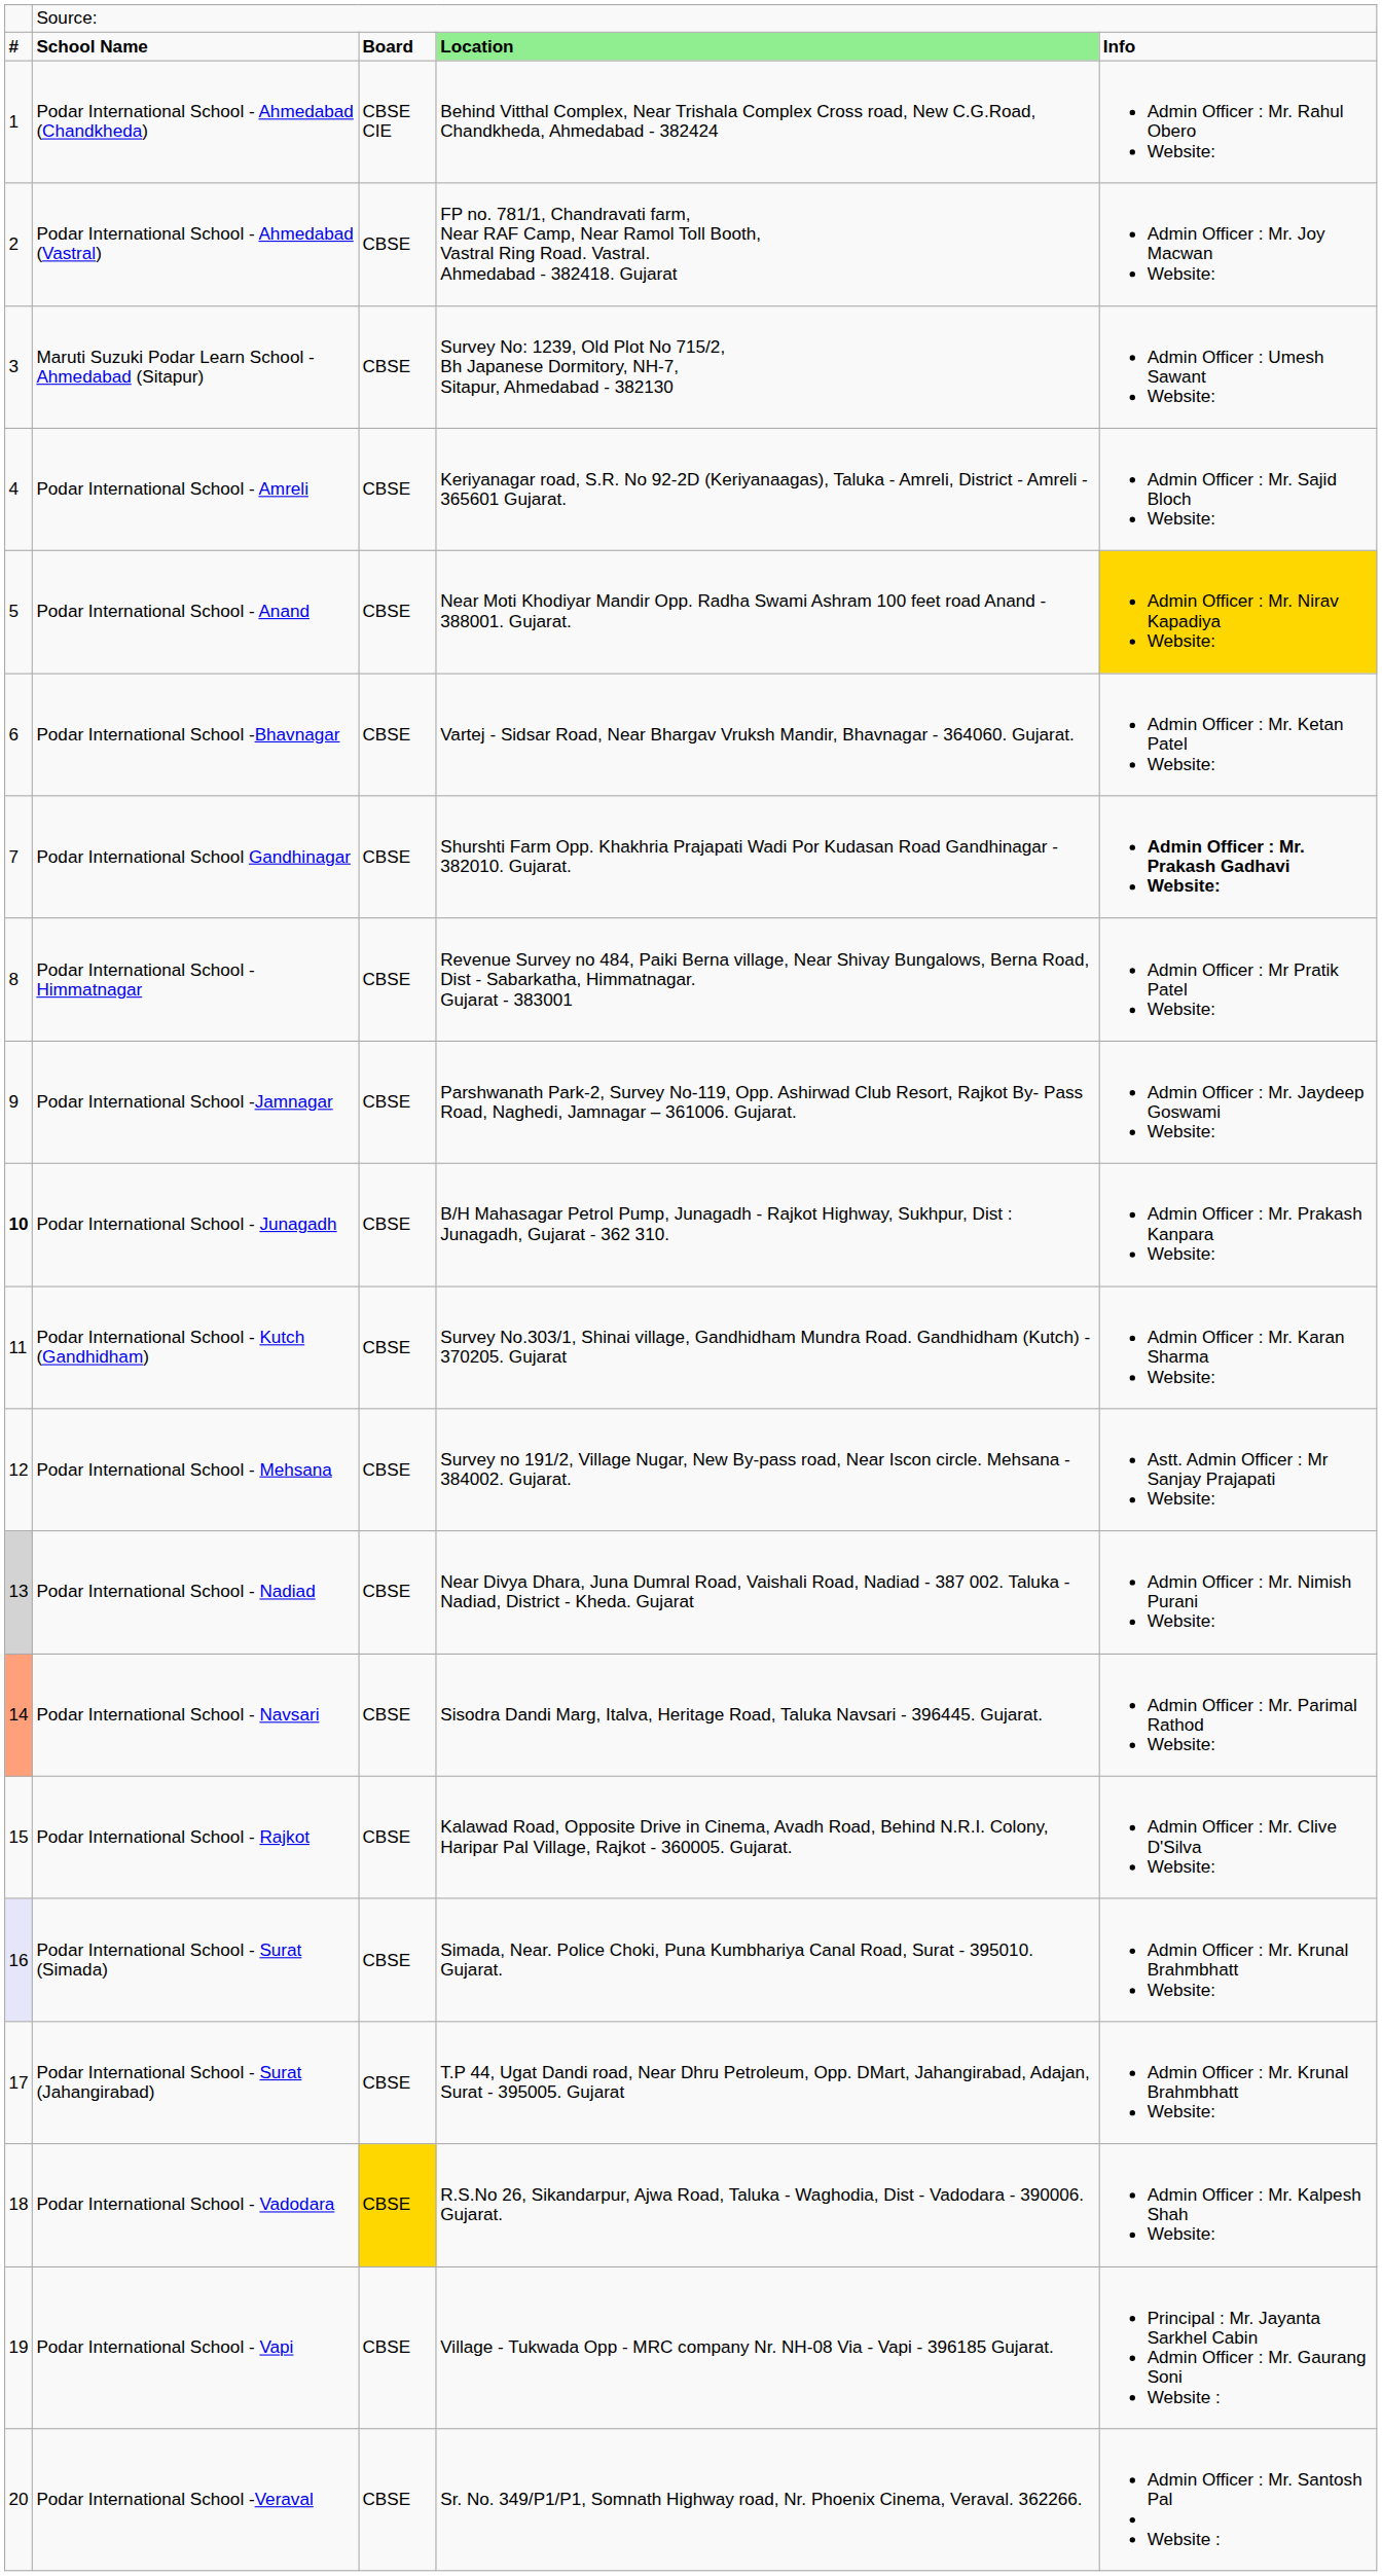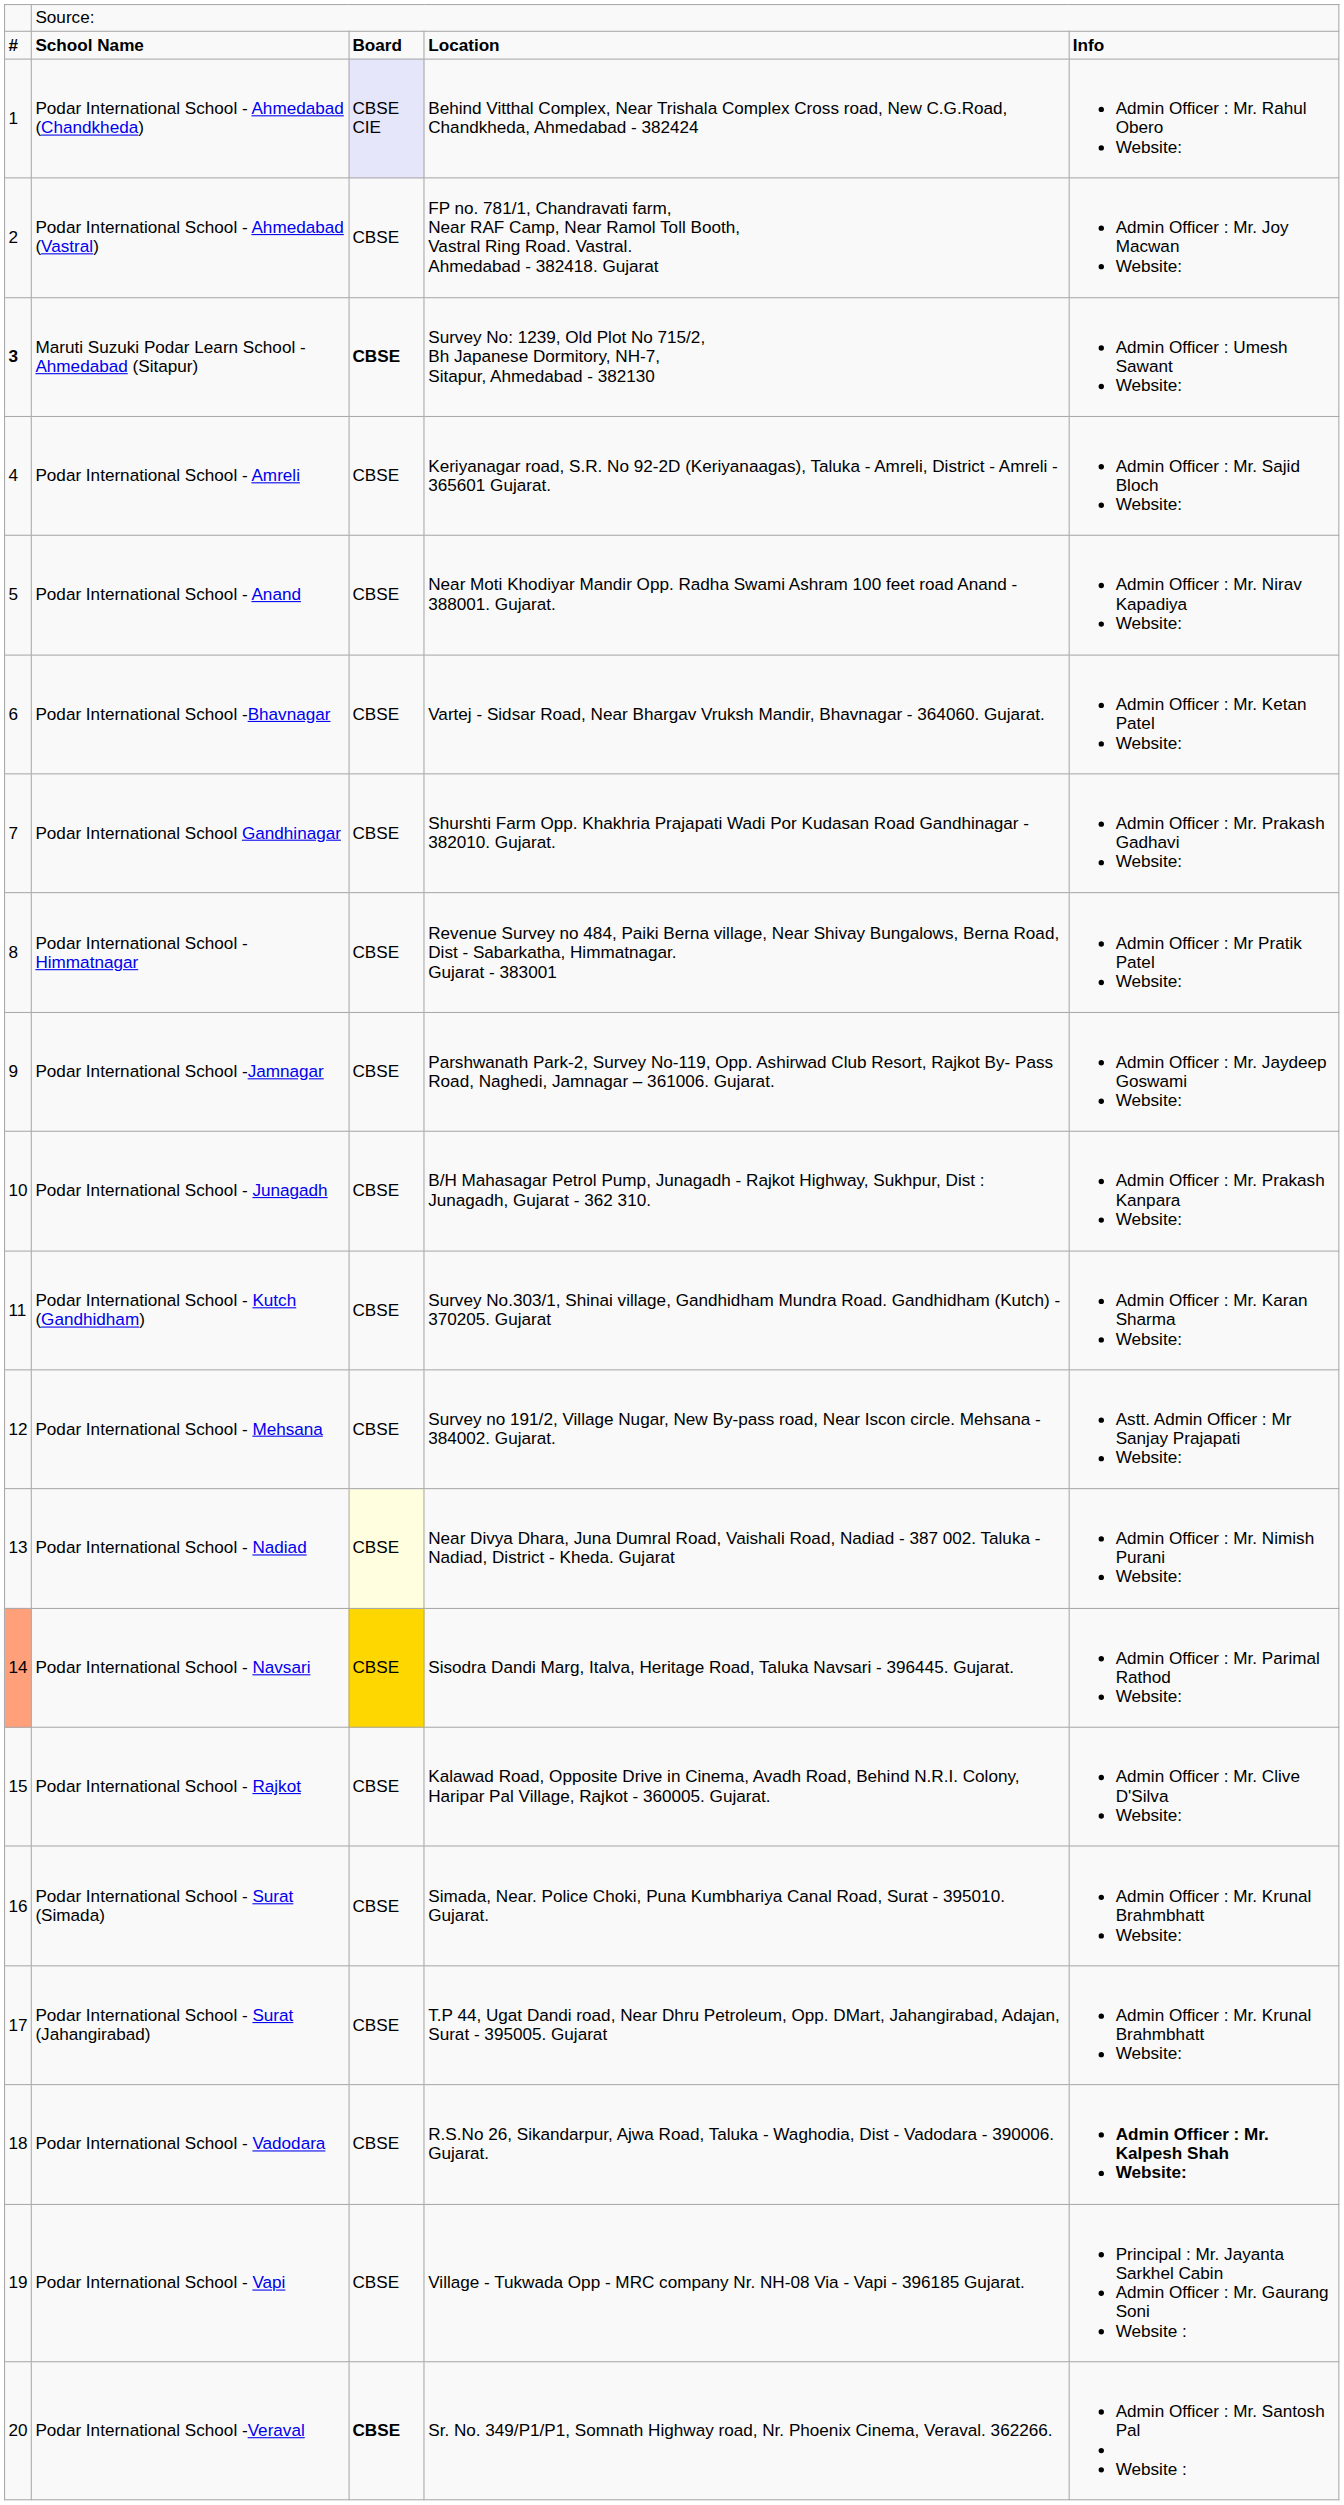 <table class="wikitable">
 <tr>
 <td></td>
 <td colspan="4">Source:</td>
 </tr>
 <tr>
 <td><strong>#</strong></td>
 <td><strong>School Name</strong></td>
 <td><strong>Board</strong></td>
-<td style="background: lightgreen;"><strong>Location</strong></td>
+<td><strong>Location</strong></td>
 <td><strong>Info</strong></td>
 </tr>
 <tr>
 <td>1</td>
 <td>Podar International School - <a href='#'>Ahmedabad</a> (<a href='#'>Chandkheda</a>)</td>
-<td>CBSE CIE</td>
+<td style="background: lavender;">CBSE CIE</td>
 <td>Behind Vitthal Complex, Near Trishala Complex Cross road, New C.G.Road, Chandkheda, Ahmedabad - 382424</td>
 <td><br><ul><li>Admin Officer : Mr. Rahul Obero</li><li>Website:</li></ul></td>
 </tr>
 <tr>
 <td>2</td>
 <td>Podar International School - <a href='#'>Ahmedabad</a> (<a href='#'>Vastral</a>)</td>
 <td>CBSE</td>
 <td>FP no. 781/1, Chandravati farm,<br>Near RAF Camp, Near Ramol Toll Booth,<br>Vastral Ring Road. Vastral.<br>Ahmedabad - 382418. Gujarat</td>
 <td><br><ul><li>Admin Officer : Mr. Joy Macwan</li><li>Website:</li></ul></td>
 </tr>
 <tr>
-<td>3</td>
+<td><strong>3</strong></td>
 <td>Maruti Suzuki Podar Learn School - <a href='#'>Ahmedabad</a> (Sitapur)</td>
-<td>CBSE</td>
+<td><strong>CBSE</strong></td>
 <td>Survey No: 1239, Old Plot No 715/2,<br>Bh Japanese Dormitory, NH-7,<br>Sitapur, Ahmedabad - 382130</td>
 <td><br><ul><li>Admin Officer : Umesh Sawant</li><li>Website:</li></ul></td>
 </tr>
 <tr>
 <td>4</td>
 <td>Podar International School - <a href='#'>Amreli</a></td>
 <td>CBSE</td>
 <td>Keriyanagar road, S.R. No 92-2D (Keriyanaagas), Taluka - Amreli, District - Amreli - 365601 Gujarat.</td>
 <td><br><ul><li>Admin Officer : Mr. Sajid Bloch</li><li>Website:</li></ul></td>
 </tr>
 <tr>
 <td>5</td>
 <td>Podar International School - <a href='#'>Anand</a></td>
 <td>CBSE</td>
 <td>Near Moti Khodiyar Mandir Opp. Radha Swami Ashram 100 feet road Anand - 388001. Gujarat.</td>
-<td style="background: gold;"><br><ul><li>Admin Officer : Mr. Nirav Kapadiya</li><li>Website:</li></ul></td>
+<td><br><ul><li>Admin Officer : Mr. Nirav Kapadiya</li><li>Website:</li></ul></td>
 </tr>
 <tr>
 <td>6</td>
 <td>Podar International School -<a href='#'>Bhavnagar</a></td>
 <td>CBSE</td>
 <td>Vartej - Sidsar Road, Near Bhargav Vruksh Mandir, Bhavnagar - 364060. Gujarat.</td>
 <td><br><ul><li>Admin Officer : Mr. Ketan Patel</li><li>Website:</li></ul></td>
 </tr>
 <tr>
 <td>7</td>
 <td>Podar International School <a href='#'>Gandhinagar</a></td>
 <td>CBSE</td>
 <td>Shurshti Farm Opp. Khakhria Prajapati Wadi Por Kudasan Road Gandhinagar - 382010. Gujarat.</td>
-<td><strong><br><ul><li>Admin Officer : Mr. Prakash Gadhavi</li><li>Website:</li></ul></strong></td>
+<td><br><ul><li>Admin Officer : Mr. Prakash Gadhavi</li><li>Website:</li></ul></td>
 </tr>
 <tr>
 <td>8</td>
 <td>Podar International School - <a href='#'>Himmatnagar</a></td>
 <td>CBSE</td>
 <td>Revenue Survey no 484, Paiki Berna village, Near Shivay Bungalows, Berna Road, Dist - Sabarkatha, Himmatnagar.<br>Gujarat - 383001</td>
 <td><br><ul><li>Admin Officer : Mr Pratik Patel</li><li>Website:</li></ul></td>
 </tr>
 <tr>
 <td>9</td>
 <td>Podar International School -<a href='#'>Jamnagar</a></td>
 <td>CBSE</td>
 <td>Parshwanath Park-2, Survey No-119, Opp. Ashirwad Club Resort, Rajkot By- Pass Road, Naghedi, Jamnagar – 361006. Gujarat.</td>
 <td><br><ul><li>Admin Officer : Mr. Jaydeep Goswami</li><li>Website:</li></ul></td>
 </tr>
 <tr>
-<td><strong>10</strong></td>
+<td>10</td>
 <td>Podar International School - <a href='#'>Junagadh</a></td>
 <td>CBSE</td>
 <td>B/H Mahasagar Petrol Pump, Junagadh - Rajkot Highway, Sukhpur, Dist : Junagadh, Gujarat - 362 310.</td>
 <td><br><ul><li>Admin Officer : Mr. Prakash Kanpara</li><li>Website:</li></ul></td>
 </tr>
 <tr>
 <td>11</td>
 <td>Podar International School - <a href='#'>Kutch</a> (<a href='#'>Gandhidham</a>)</td>
 <td>CBSE</td>
 <td>Survey No.303/1, Shinai village, Gandhidham Mundra Road. Gandhidham (Kutch) - 370205. Gujarat</td>
 <td><br><ul><li>Admin Officer : Mr. Karan Sharma</li><li>Website:</li></ul></td>
 </tr>
 <tr>
 <td>12</td>
 <td>Podar International School - <a href='#'>Mehsana</a></td>
 <td>CBSE</td>
 <td>Survey no 191/2, Village Nugar, New By-pass road, Near Iscon circle. Mehsana - 384002. Gujarat.</td>
 <td><br><ul><li>Astt. Admin Officer : Mr Sanjay Prajapati</li><li>Website:</li></ul></td>
 </tr>
 <tr>
-<td style="background: lightgrey;">13</td>
+<td>13</td>
 <td>Podar International School - <a href='#'>Nadiad</a></td>
-<td>CBSE</td>
+<td style="background: lightyellow;">CBSE</td>
 <td>Near Divya Dhara, Juna Dumral Road, Vaishali Road, Nadiad - 387 002. Taluka - Nadiad, District - Kheda. Gujarat</td>
 <td><br><ul><li>Admin Officer : Mr. Nimish Purani</li><li>Website:</li></ul></td>
 </tr>
 <tr>
 <td style="background: lightsalmon;">14</td>
 <td>Podar International School - <a href='#'>Navsari</a></td>
-<td>CBSE</td>
+<td style="background: gold;">CBSE</td>
 <td>Sisodra Dandi Marg, Italva, Heritage Road, Taluka Navsari - 396445. Gujarat.</td>
 <td><br><ul><li>Admin Officer : Mr. Parimal Rathod</li><li>Website:</li></ul></td>
 </tr>
 <tr>
 <td>15</td>
 <td>Podar International School - <a href='#'>Rajkot</a></td>
 <td>CBSE</td>
 <td>Kalawad Road, Opposite Drive in Cinema, Avadh Road, Behind N.R.I. Colony, Haripar Pal Village, Rajkot - 360005. Gujarat.</td>
 <td><br><ul><li>Admin Officer : Mr. Clive D'Silva</li><li>Website:</li></ul></td>
 </tr>
 <tr>
-<td style="background: lavender;">16</td>
+<td>16</td>
 <td>Podar International School - <a href='#'>Surat</a> (Simada)</td>
 <td>CBSE</td>
 <td>Simada, Near. Police Choki, Puna Kumbhariya Canal Road, Surat - 395010. Gujarat.</td>
 <td><br><ul><li>Admin Officer : Mr. Krunal Brahmbhatt</li><li>Website:</li></ul></td>
 </tr>
 <tr>
 <td>17</td>
 <td>Podar International School - <a href='#'>Surat</a> (Jahangirabad)</td>
 <td>CBSE</td>
 <td>T.P 44, Ugat Dandi road, Near Dhru Petroleum, Opp. DMart, Jahangirabad, Adajan, Surat - 395005. Gujarat</td>
 <td><br><ul><li>Admin Officer : Mr. Krunal Brahmbhatt</li><li>Website:</li></ul></td>
 </tr>
 <tr>
 <td>18</td>
 <td>Podar International School - <a href='#'>Vadodara</a></td>
-<td style="background: gold;">CBSE</td>
+<td>CBSE</td>
 <td>R.S.No 26, Sikandarpur, Ajwa Road, Taluka - Waghodia, Dist - Vadodara - 390006. Gujarat.</td>
-<td><br><ul><li>Admin Officer : Mr. Kalpesh Shah</li><li>Website:</li></ul></td>
+<td><strong><br><ul><li>Admin Officer : Mr. Kalpesh Shah</li><li>Website:</li></ul></strong></td>
 </tr>
 <tr>
 <td>19</td>
 <td>Podar International School - <a href='#'>Vapi</a></td>
 <td>CBSE</td>
 <td>Village - Tukwada Opp - MRC company Nr. NH-08 Via - Vapi - 396185 Gujarat.</td>
 <td><br><ul><li>Principal : Mr. Jayanta Sarkhel Cabin</li><li>Admin Officer : Mr. Gaurang Soni</li><li>Website :</li></ul></td>
 </tr>
 <tr>
 <td>20</td>
 <td>Podar International School -<a href='#'>Veraval</a></td>
-<td>CBSE</td>
+<td><strong>CBSE</strong></td>
 <td>Sr. No. 349/P1/P1, Somnath Highway road, Nr. Phoenix Cinema, Veraval. 362266.</td>
 <td><br><ul><li>Admin Officer : Mr. Santosh Pal</li><li></li><li>Website :</li></ul></td>
 </tr>
 </table>
